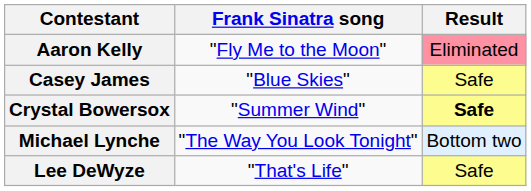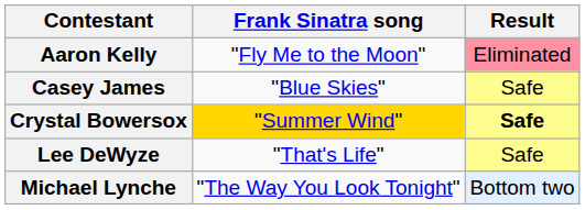 <table class="wikitable unsortable" style="text-align:center;">
 <tr>
 <th scope="col">Contestant</th>
 <th scope="col"><a href='#'>Frank Sinatra</a> song</th>
 <th scope="col">Result</th>
 </tr>
 <tr>
 <th scope="row">Aaron Kelly</th>
 <td>"<a href='#'>Fly Me to the Moon</a>"</td>
 <td bgcolor="FF91A4">Eliminated</td>
 </tr>
 <tr>
 <th scope="row">Casey James</th>
 <td>"<a href='#'>Blue Skies</a>"</td>
 <td style="background:#FDFC8F">Safe</td>
 </tr>
 <tr>
 <th scope="row">Crystal Bowersox</th>
-<td>"<a href='#'>Summer Wind</a>"</td>
+<td style="background: gold;">"<a href='#'>Summer Wind</a>"</td>
 <td style="background:#FDFC8F"><strong>Safe</strong></td>
+</tr>
+<tr>
+<th scope="row">Lee DeWyze</th>
+<td>"<a href='#'>That's Life</a>"</td>
+<td style="background:#FDFC8F">Safe</td>
 </tr>
 <tr>
 <th scope="row">Michael Lynche</th>
 <td>"<a href='#'>The Way You Look Tonight</a>"</td>
 <td bgcolor="E0F0FF">Bottom two</td>
 </tr>
-<tr>
-<th scope="row">Lee DeWyze</th>
-<td>"<a href='#'>That's Life</a>"</td>
-<td style="background:#FDFC8F">Safe</td>
-</tr>
 </table>
